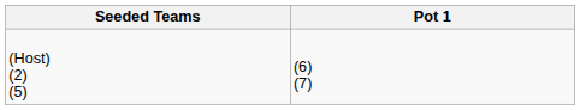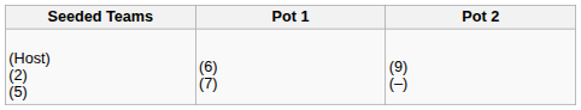 <table class="wikitable" width=600>
 <tr>
 <th width=33.33%>Seeded Teams</th>
 <th width=33.33%>Pot 1</th>
+<th width=33.33%>Pot 2</th>
 </tr>
 <tr>
 <td><br> (Host)<br>  (2)<br>  (5)</td>
 <td><br> (6)<br>  (7)</td>
+<td><br> (9)<br>  (–)</td>
 </tr>
 </table>
